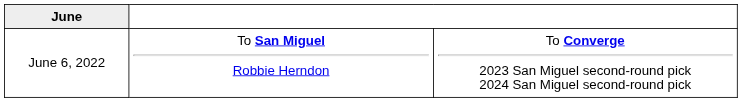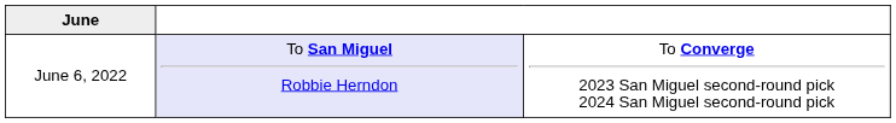 <table border=1 style="border-collapse:collapse; text-align: center; width: 100%" bordercolor="#000000"  cellpadding="5">
 <tr bgcolor="eeeeee">
 <th>June</th>
 </tr>
 <tr>
 <td style="width:12%">June 6, 2022</td>
-<td style="width:29.3%" valign="top">To <strong><a href='#'>San Miguel</a></strong><hr><a href='#'>Robbie Herndon</a></td>
+<td style="background: lavender; width:29.3%" valign="top">To <strong><a href='#'>San Miguel</a></strong><hr><a href='#'>Robbie Herndon</a></td>
 <td style="width:29.3%" valign="top">To <strong><a href='#'>Converge</a></strong><hr>2023 San Miguel second-round pick<br>2024 San Miguel second-round pick</td>
 </tr>
 </table>
